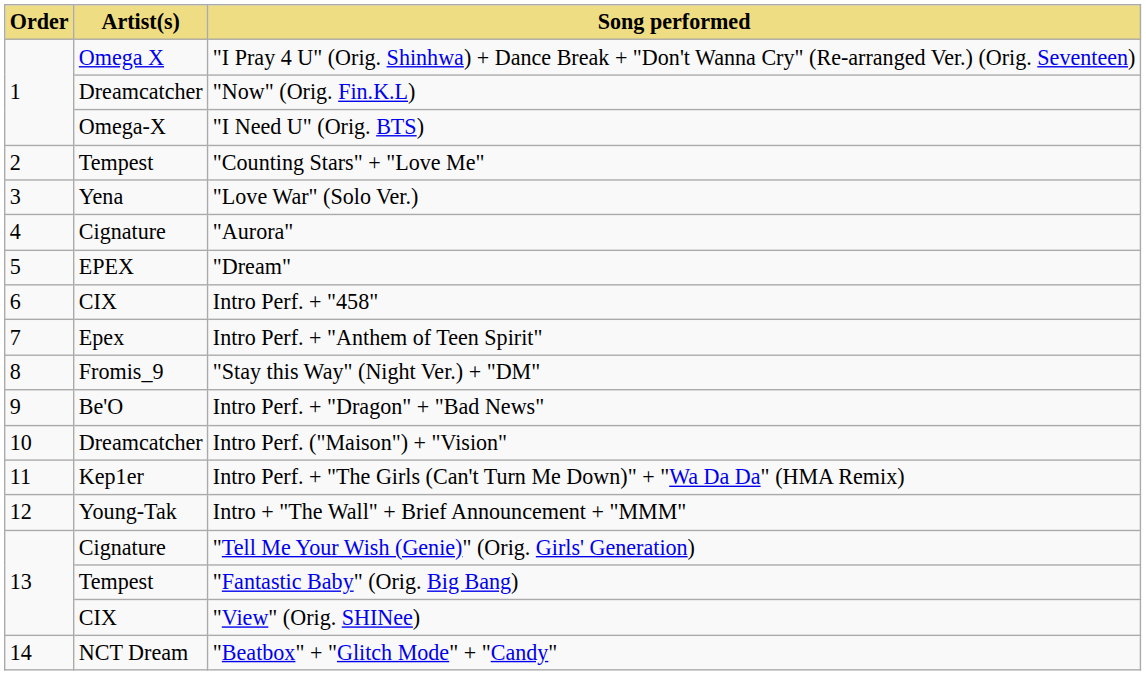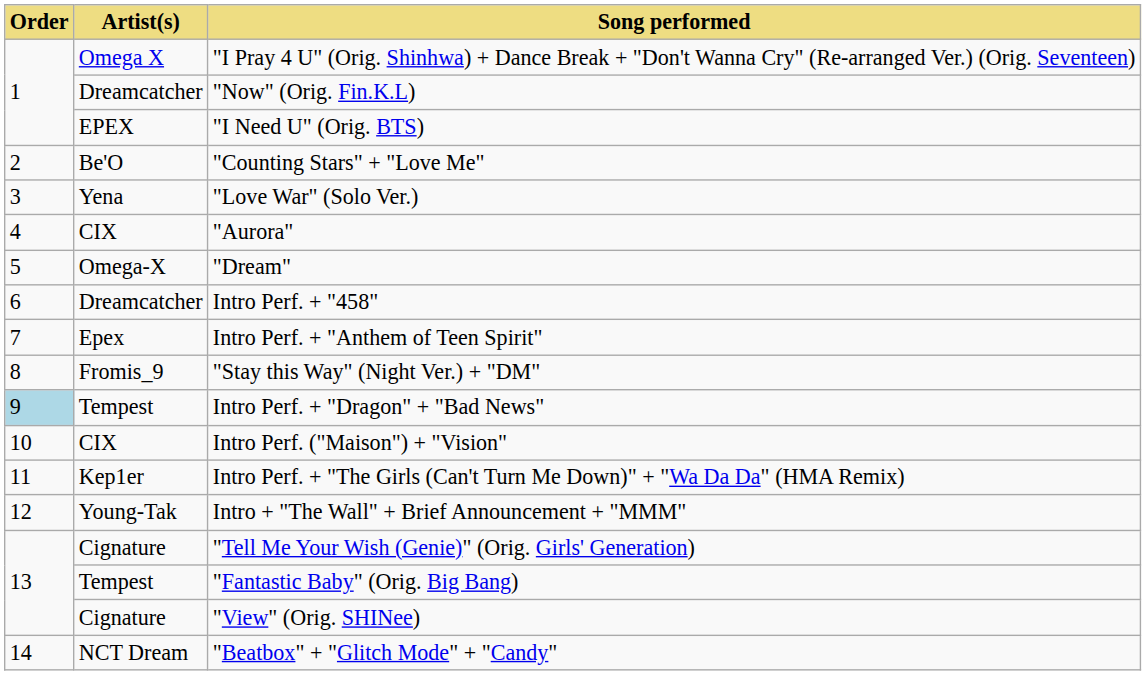 <table class="wikitable">
 <tr>
 <th scope="col" style="background:#EEDD82">Order</th>
 <th scope="col" style="background:#EEDD82">Artist(s)</th>
 <th scope="col" style="background:#EEDD82">Song performed</th>
 </tr>
 <tr>
 <td scope="row" rowspan="3">1</td>
 <td><a href='#'>Omega X</a></td>
 <td>"I Pray 4 U" (Orig. <a href='#'>Shinhwa</a>) + Dance Break + "Don't Wanna Cry" (Re-arranged Ver.) (Orig. <a href='#'>Seventeen</a>)</td>
 </tr>
 <tr>
 <td>Dreamcatcher</td>
 <td>"Now" (Orig. <a href='#'>Fin.K.L</a>)</td>
 </tr>
 <tr>
-<td>Omega-X</td>
+<td>EPEX</td>
 <td>"I Need U" (Orig. <a href='#'>BTS</a>)</td>
 </tr>
 <tr>
 <td>2</td>
-<td>Tempest</td>
+<td>Be'O</td>
 <td>"Counting Stars" + "Love Me"</td>
 </tr>
 <tr>
 <td>3</td>
 <td>Yena</td>
 <td>"Love War" (Solo Ver.)</td>
 </tr>
 <tr>
 <td>4</td>
-<td>Cignature</td>
+<td>CIX</td>
 <td>"Aurora"</td>
 </tr>
 <tr>
 <td>5</td>
-<td>EPEX</td>
+<td>Omega-X</td>
 <td>"Dream"</td>
 </tr>
 <tr>
 <td>6</td>
-<td>CIX</td>
+<td>Dreamcatcher</td>
 <td>Intro Perf. + "458"</td>
 </tr>
 <tr>
 <td>7</td>
 <td>Epex</td>
 <td>Intro Perf. + "Anthem of Teen Spirit"</td>
 </tr>
 <tr>
 <td>8</td>
 <td>Fromis_9</td>
 <td>"Stay this Way" (Night Ver.) + "DM"</td>
 </tr>
 <tr>
-<td>9</td>
-<td>Be'O</td>
+<td style="background: lightblue;">9</td>
+<td>Tempest</td>
 <td>Intro Perf. + "Dragon" + "Bad News"</td>
 </tr>
 <tr>
 <td>10</td>
-<td>Dreamcatcher</td>
+<td>CIX</td>
 <td>Intro Perf. ("Maison") + "Vision"</td>
 </tr>
 <tr>
 <td>11</td>
 <td>Kep1er</td>
 <td>Intro Perf. + "The Girls (Can't Turn Me Down)" + "<a href='#'>Wa Da Da</a>" (HMA Remix)</td>
 </tr>
 <tr>
 <td>12</td>
 <td>Young-Tak</td>
 <td>Intro + "The Wall" + Brief Announcement + "MMM"</td>
 </tr>
 <tr>
 <td scope="row" rowspan="3">13</td>
 <td>Cignature</td>
 <td>"<a href='#'>Tell Me Your Wish (Genie)</a>" (Orig. <a href='#'>Girls' Generation</a>)</td>
 </tr>
 <tr>
 <td>Tempest</td>
 <td>"<a href='#'>Fantastic Baby</a>" (Orig. <a href='#'>Big Bang</a>)</td>
 </tr>
 <tr>
-<td>CIX</td>
+<td>Cignature</td>
 <td>"<a href='#'>View</a>" (Orig. <a href='#'>SHINee</a>)</td>
 </tr>
 <tr>
 <td>14</td>
 <td>NCT Dream</td>
 <td>"<a href='#'>Beatbox</a>" + "<a href='#'>Glitch Mode</a>" + "<a href='#'>Candy</a>"</td>
 </tr>
 </table>
